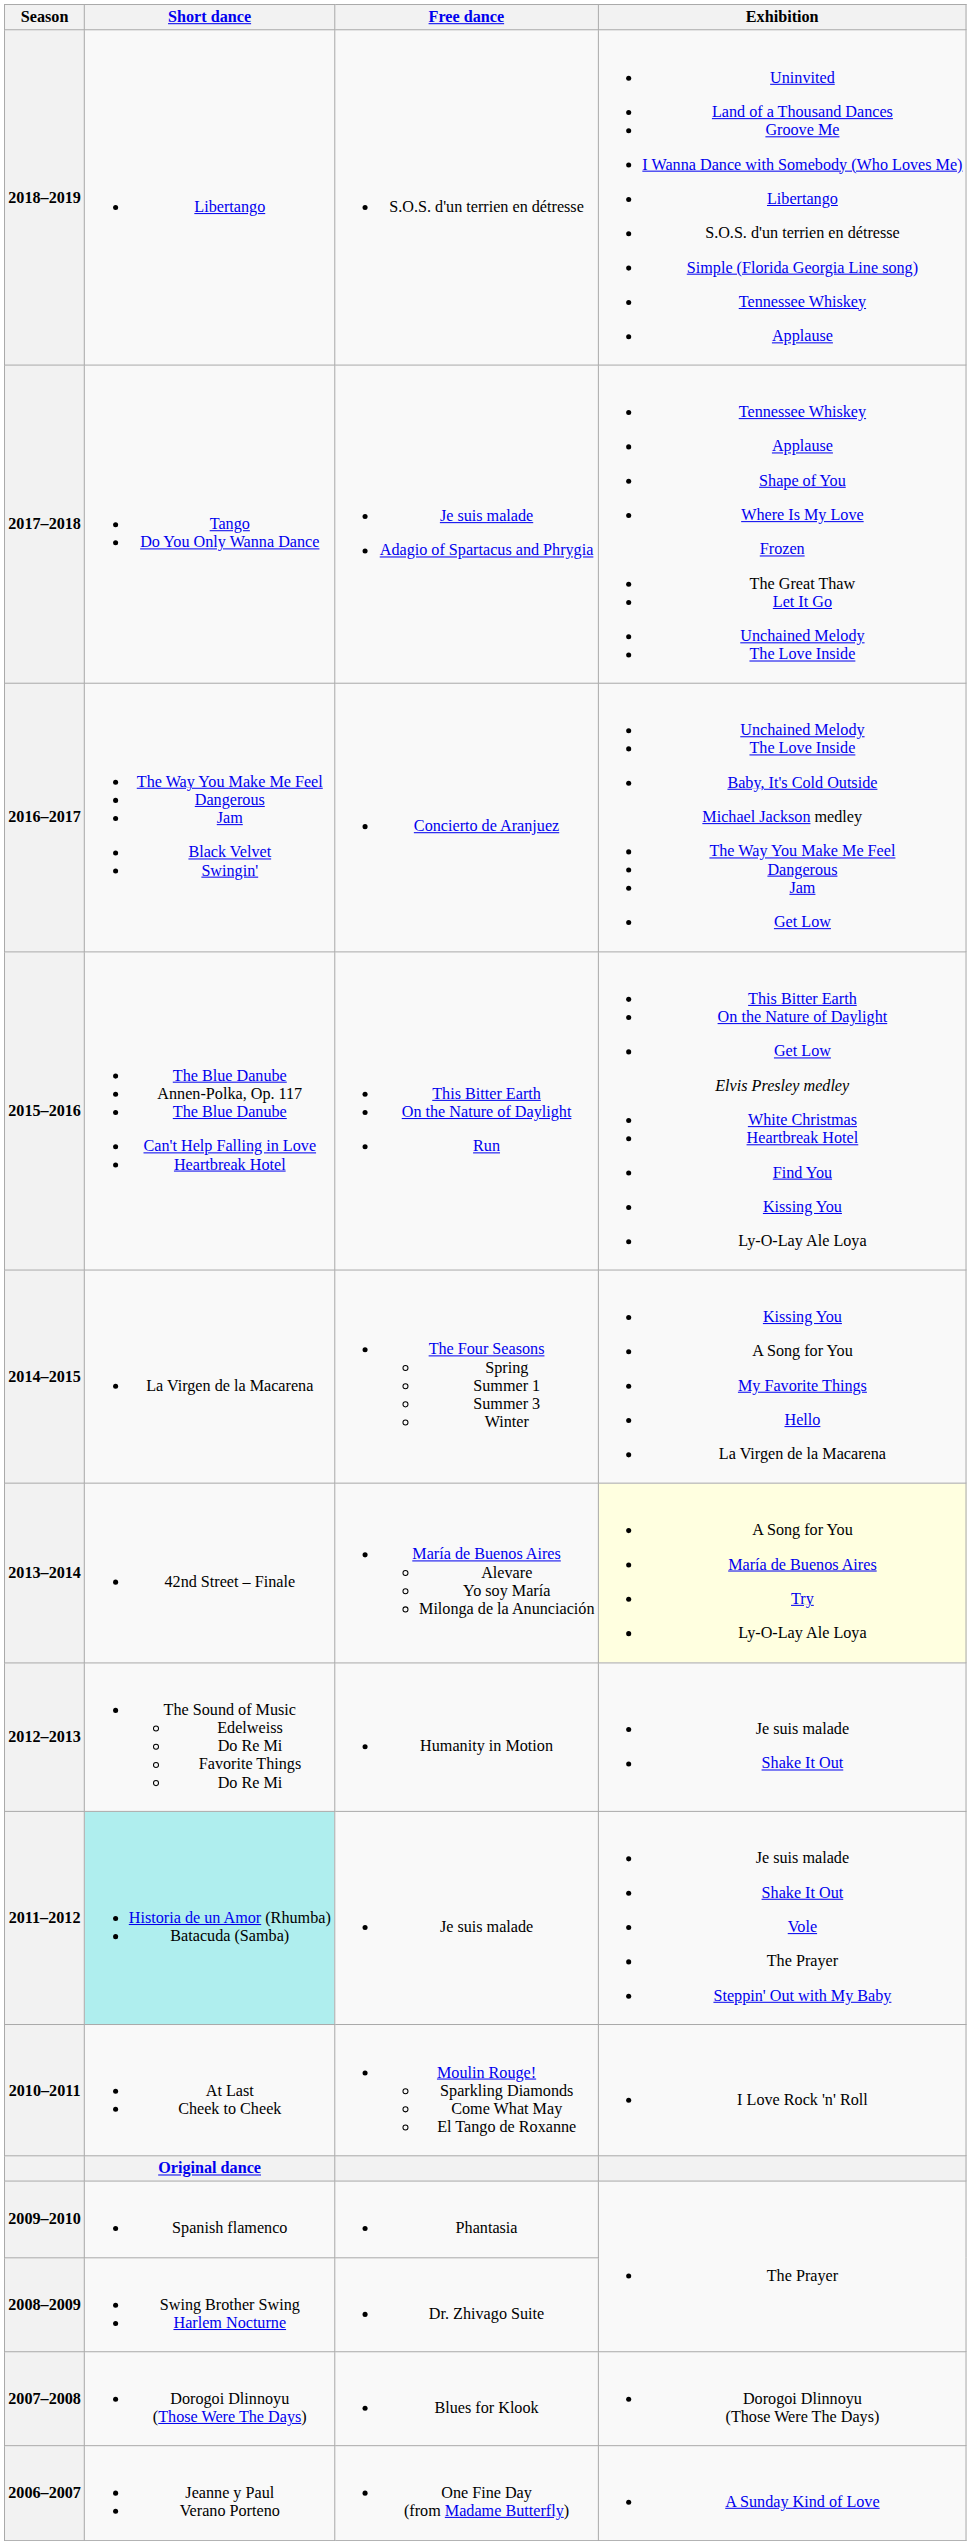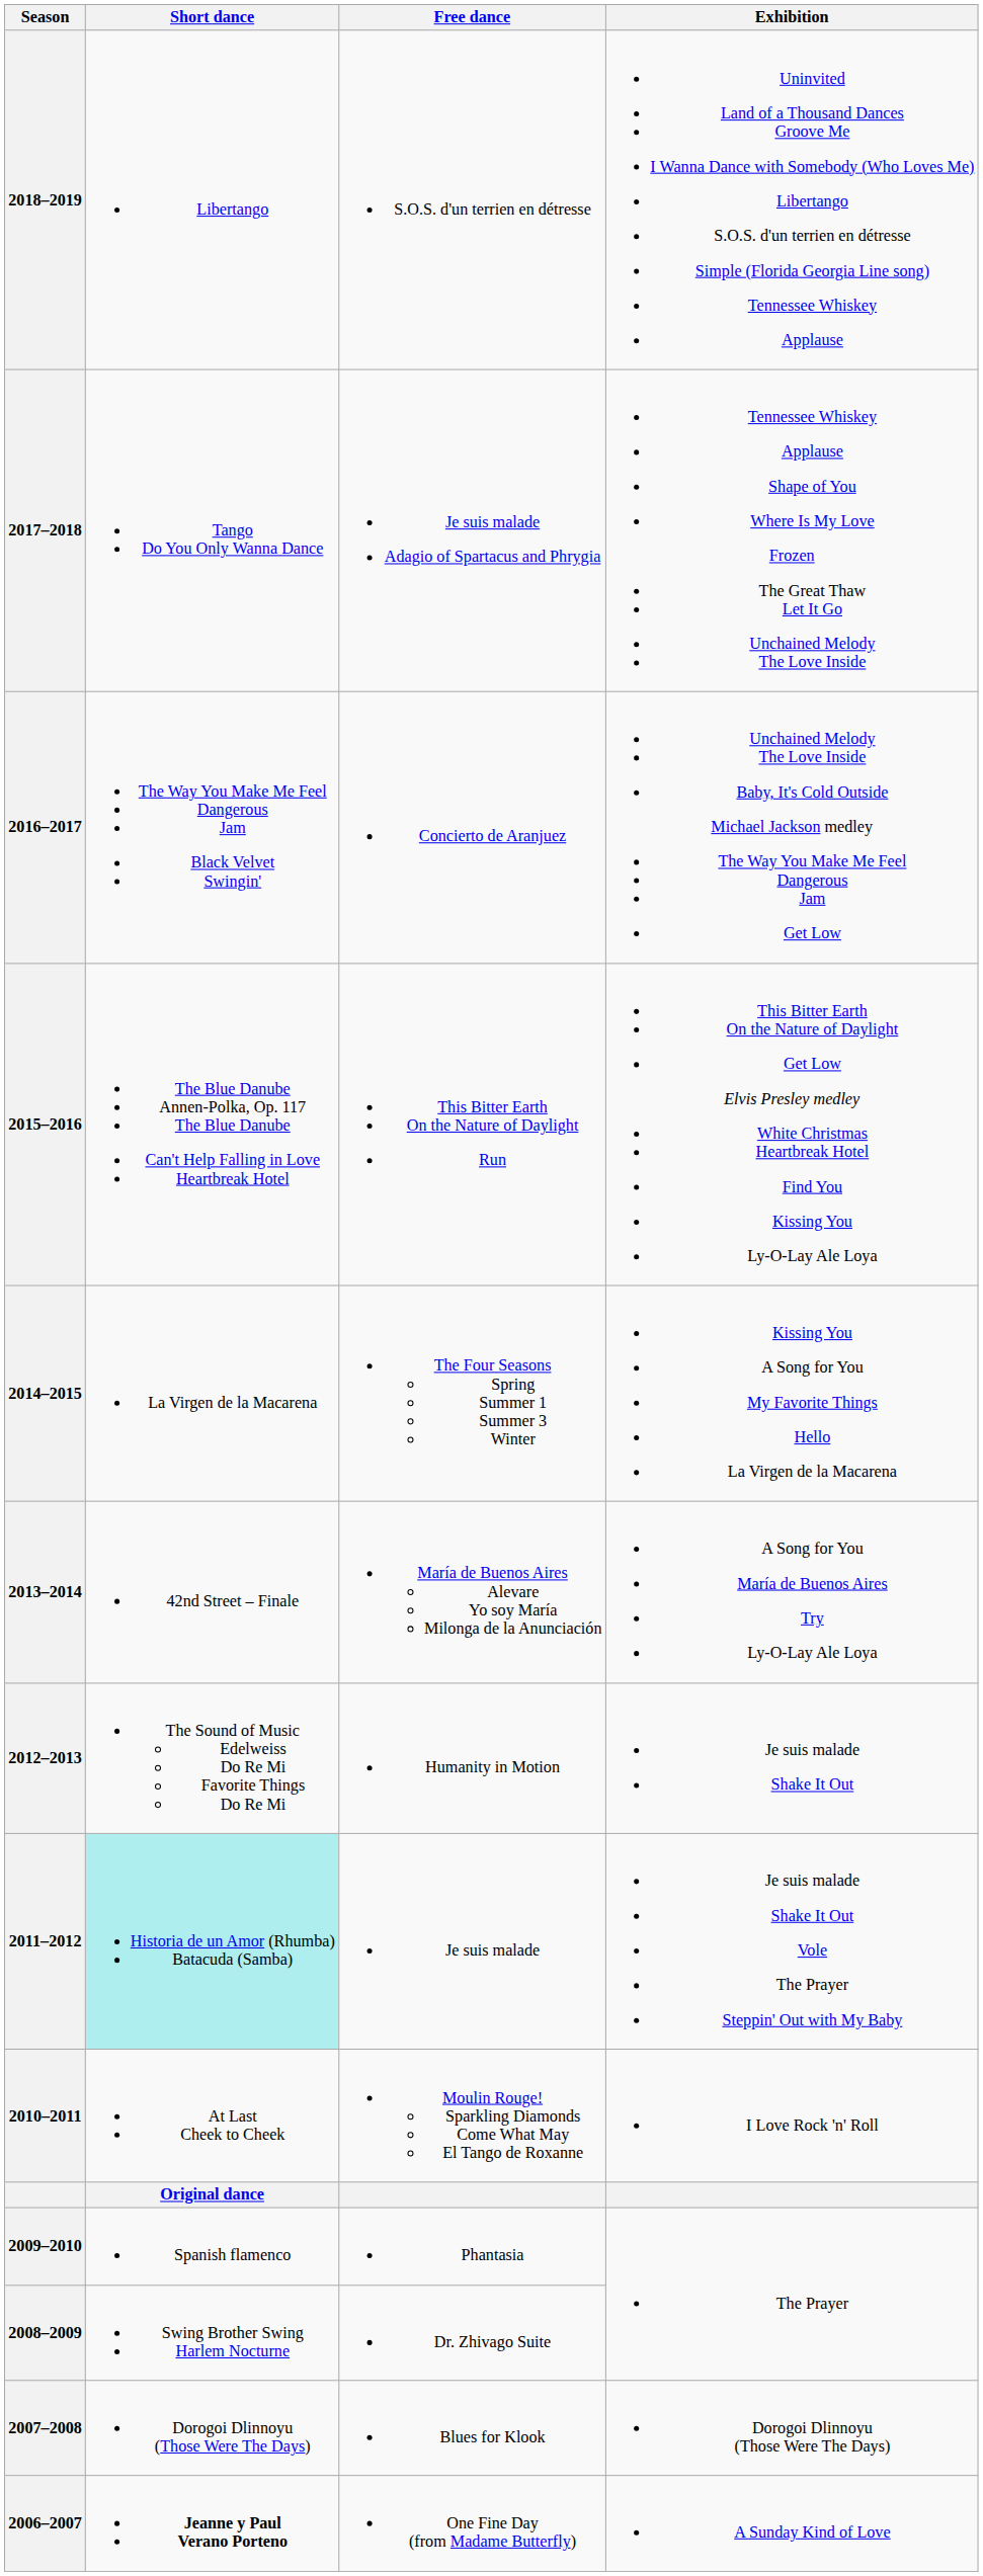 <table class="wikitable" style="text-align:center">
 <tr>
 <th>Season</th>
 <th><a href='#'>Short dance</a></th>
 <th><a href='#'>Free dance</a></th>
 <th>Exhibition</th>
 </tr>
 <tr>
 <th>2018–2019 <br></th>
 <td><br><ul><li> <a href='#'>Libertango</a> <br></li></ul></td>
 <td><br><ul><li>S.O.S. d'un terrien en détresse <br></li></ul></td>
 <td><br><ul><li><a href='#'>Uninvited</a> <br></li></ul><ul><li><a href='#'>Land of a Thousand Dances</a> <br></li><li><a href='#'>Groove Me</a> <br></li></ul><ul><li><a href='#'>I Wanna Dance with Somebody (Who Loves Me)</a> <br></li></ul><ul><li><a href='#'>Libertango</a> <br></li></ul><ul><li>S.O.S. d'un terrien en détresse <br></li></ul><ul><li><a href='#'>Simple (Florida Georgia Line song)</a> <br></li></ul><ul><li><a href='#'>Tennessee Whiskey</a> <br></li></ul><ul><li><a href='#'>Applause</a> <br></li></ul></td>
 </tr>
 <tr>
 <th>2017–2018 <br></th>
 <td><br><ul><li> <a href='#'>Tango</a> <br></li><li> <a href='#'>Do You Only Wanna Dance</a> <br></li></ul></td>
 <td><br><ul><li><a href='#'>Je suis malade</a> <br></li></ul><ul><li><a href='#'>Adagio of Spartacus and Phrygia</a> <br></li></ul></td>
 <td><br><ul><li><a href='#'>Tennessee Whiskey</a> <br></li></ul><ul><li><a href='#'>Applause</a> <br></li></ul><ul><li><a href='#'>Shape of You</a> <br></li></ul><ul><li><a href='#'>Where Is My Love</a> <br></li></ul><a href='#'>Frozen</a><ul><li>The Great Thaw</li><li><a href='#'>Let It Go</a> <br></li></ul><ul><li><a href='#'>Unchained Melody</a> <br></li><li><a href='#'>The Love Inside</a> <br></li></ul></td>
 </tr>
 <tr>
 <th>2016–2017 <br> </th>
 <td><br><ul><li> <a href='#'>The Way You Make Me Feel</a> <br></li><li> <a href='#'>Dangerous</a> <br></li><li> <a href='#'>Jam</a> <br></li></ul><ul><li> <a href='#'>Black Velvet</a> <br></li><li> <a href='#'>Swingin'</a> <br></li></ul></td>
 <td><br><ul><li><a href='#'>Concierto de Aranjuez</a> <br></li></ul></td>
 <td><br><ul><li><a href='#'>Unchained Melody</a> <br></li><li><a href='#'>The Love Inside</a> <br></li></ul><ul><li><a href='#'>Baby, It's Cold Outside</a> <br></li></ul><a href='#'>Michael Jackson</a> medley<ul><li><a href='#'>The Way You Make Me Feel</a> <br> </li><li><a href='#'>Dangerous</a></li><li><a href='#'>Jam</a> <br> </li></ul><ul><li><a href='#'>Get Low</a> <br></li></ul></td>
 </tr>
 <tr>
 <th>2015–2016 <br> </th>
 <td><br><ul><li> <a href='#'>The Blue Danube</a></li><li> Annen-Polka, Op. 117</li><li> <a href='#'>The Blue Danube</a> <br></li></ul><ul><li> <a href='#'>Can't Help Falling in Love</a></li><li> <a href='#'>Heartbreak Hotel</a> <br></li></ul></td>
 <td><br><ul><li><a href='#'>This Bitter Earth</a></li><li><a href='#'>On the Nature of Daylight</a> <br></li></ul><ul><li><a href='#'>Run</a> <br></li></ul></td>
 <td><br><ul><li><a href='#'>This Bitter Earth</a></li><li><a href='#'>On the Nature of Daylight</a> <br></li></ul><ul><li><a href='#'>Get Low</a> <br></li></ul><em>Elvis Presley medley</em><ul><li><a href='#'>White Christmas</a> <br></li><li><a href='#'>Heartbreak Hotel</a> <br></li></ul><ul><li><a href='#'>Find You</a> <br></li></ul><ul><li><a href='#'>Kissing You</a> <br></li></ul><ul><li>Ly-O-Lay Ale Loya <br></li></ul></td>
 </tr>
 <tr>
 <th>2014–2015 <br> </th>
 <td><br><ul><li> La Virgen de la Macarena <br></li></ul></td>
 <td><br><ul><li><a href='#'>The Four Seasons</a> <br><ul><li>Spring</li><li>Summer 1</li><li>Summer 3</li><li>Winter <br></li></ul></li></ul></td>
 <td><br><ul><li><a href='#'>Kissing You</a> <br></li></ul><ul><li>A Song for You <br></li></ul><ul><li><a href='#'>My Favorite Things</a> <br></li></ul><ul><li><a href='#'>Hello</a></li></ul><ul><li>La Virgen de la Macarena <br></li></ul></td>
 </tr>
 <tr>
 <th>2013–2014 <br> </th>
 <td><br><ul><li> 42nd Street – Finale <br></li></ul></td>
 <td><br><ul><li><a href='#'>María de Buenos Aires</a> <br><ul><li>Alevare</li><li>Yo soy María</li><li>Milonga de la Anunciación <br></li></ul></li></ul></td>
-<td style="background: lightyellow;"><br><ul><li>A Song for You <br></li></ul><ul><li><a href='#'>María de Buenos Aires</a> <br></li></ul><ul><li><a href='#'>Try</a> <br></li></ul><ul><li>Ly-O-Lay Ale Loya <br></li></ul></td>
+<td><br><ul><li>A Song for You <br></li></ul><ul><li><a href='#'>María de Buenos Aires</a> <br></li></ul><ul><li><a href='#'>Try</a> <br></li></ul><ul><li>Ly-O-Lay Ale Loya <br></li></ul></td>
 </tr>
 <tr>
 <th>2012–2013 <br> </th>
 <td><br><ul><li>The Sound of Music <br><ul><li> Edelweiss</li><li> Do Re Mi</li><li> Favorite Things</li><li> Do Re Mi</li></ul></li></ul></td>
 <td><br><ul><li>Humanity in Motion <br></li></ul></td>
 <td><br><ul><li>Je suis malade <br></li></ul><ul><li><a href='#'>Shake It Out</a> <br></li></ul></td>
 </tr>
 <tr>
 <th>2011–2012 <br> </th>
 <td style="background: paleturquoise;"><br><ul><li><a href='#'>Historia de un Amor</a> (Rhumba) <br></li><li>Batacuda (Samba) <br></li></ul></td>
 <td><br><ul><li>Je suis malade <br></li></ul></td>
 <td><br><ul><li>Je suis malade <br></li></ul><ul><li><a href='#'>Shake It Out</a> <br></li></ul><ul><li><a href='#'>Vole</a> <br></li></ul><ul><li>The Prayer <br></li></ul><ul><li><a href='#'>Steppin' Out with My Baby</a> <br></li></ul></td>
 </tr>
 <tr>
 <th>2010–2011 <br> </th>
 <td><br><ul><li>At Last <br></li><li>Cheek to Cheek <br></li></ul></td>
 <td><br><ul><li><a href='#'>Moulin Rouge!</a><ul><li>Sparkling Diamonds</li><li>Come What May</li><li>El Tango de Roxanne</li></ul></li></ul></td>
 <td><br><ul><li>I Love Rock 'n' Roll <br> </li></ul></td>
 </tr>
 <tr>
 <th></th>
 <th><a href='#'>Original dance</a></th>
 <th></th>
 <th></th>
 </tr>
 <tr>
 <th>2009–2010 <br> </th>
 <td><br><ul><li>Spanish flamenco</li></ul></td>
 <td><br><ul><li>Phantasia <br></li></ul></td>
 <td rowspan=2><br><ul><li>The Prayer <br></li></ul></td>
 </tr>
 <tr>
 <th>2008–2009 <br> </th>
 <td><br><ul><li>Swing Brother Swing</li><li><a href='#'>Harlem Nocturne</a> <br></li></ul></td>
 <td><br><ul><li>Dr. Zhivago Suite <br></li></ul></td>
 </tr>
 <tr>
 <th>2007–2008 <br> </th>
 <td><br><ul><li>Dorogoi Dlinnoyu <br> (<a href='#'>Those Were The Days</a>) <br></li></ul></td>
 <td><br><ul><li>Blues for Klook <br></li></ul></td>
 <td><br><ul><li>Dorogoi Dlinnoyu <br> (Those Were The Days) <br></li></ul></td>
 </tr>
 <tr>
 <th>2006–2007 <br> </th>
-<td><br><ul><li>Jeanne y Paul <br></li><li>Verano Porteno <br></li></ul></td>
+<td><strong><br><ul><li>Jeanne y Paul <br></li><li>Verano Porteno <br></li></ul></strong></td>
 <td><br><ul><li>One Fine Day <br> (from <a href='#'>Madame Butterfly</a>) <br></li></ul></td>
 <td><br><ul><li><a href='#'>A Sunday Kind of Love</a> <br></li></ul></td>
 </tr>
 </table>
